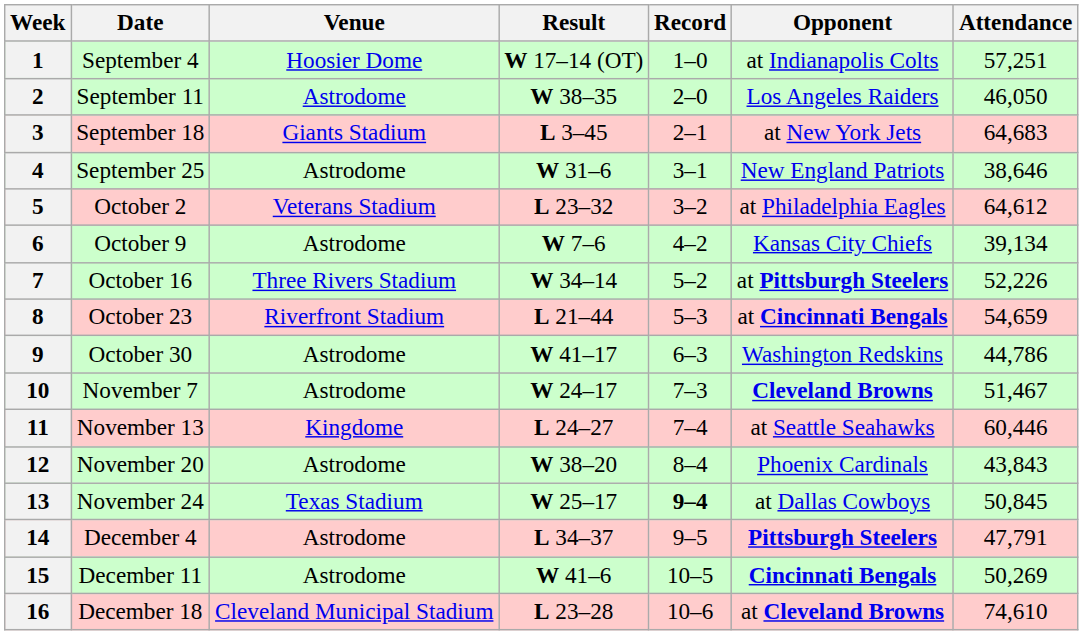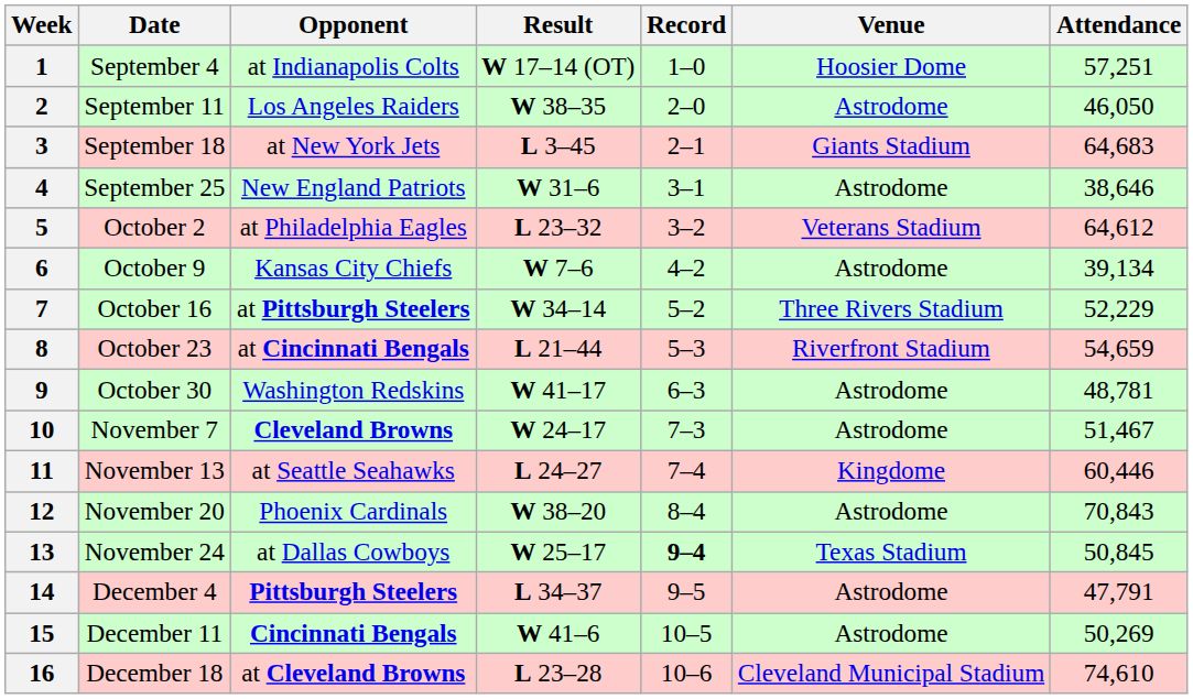 <table class="wikitable" style="text-align:center">
 <tr>
 <th>Week</th>
 <th>Date</th>
-<th>Venue</th>
+<th>Opponent</th>
 <th>Result</th>
 <th>Record</th>
-<th>Opponent</th>
+<th>Venue</th>
 <th>Attendance</th>
 </tr>
 <tr style="background:#cfc">
 <th>1</th>
 <td>September 4</td>
-<td><a href='#'>Hoosier Dome</a></td>
+<td>at <a href='#'>Indianapolis Colts</a></td>
 <td><strong>W</strong> 17–14 (OT)</td>
 <td>1–0</td>
-<td>at <a href='#'>Indianapolis Colts</a></td>
+<td><a href='#'>Hoosier Dome</a></td>
 <td>57,251</td>
 </tr>
 <tr style="background:#cfc">
 <th>2</th>
 <td>September 11</td>
-<td><a href='#'>Astrodome</a></td>
+<td><a href='#'>Los Angeles Raiders</a></td>
 <td><strong>W</strong> 38–35</td>
 <td>2–0</td>
-<td><a href='#'>Los Angeles Raiders</a></td>
+<td><a href='#'>Astrodome</a></td>
 <td>46,050</td>
 </tr>
 <tr style="background:#fcc">
 <th>3</th>
 <td>September 18</td>
-<td><a href='#'>Giants Stadium</a></td>
+<td>at <a href='#'>New York Jets</a></td>
 <td><strong>L</strong> 3–45</td>
 <td>2–1</td>
-<td>at <a href='#'>New York Jets</a></td>
+<td><a href='#'>Giants Stadium</a></td>
 <td>64,683</td>
 </tr>
 <tr style="background:#cfc">
 <th>4</th>
 <td>September 25</td>
-<td>Astrodome</td>
+<td><a href='#'>New England Patriots</a></td>
 <td><strong>W</strong> 31–6</td>
 <td>3–1</td>
-<td><a href='#'>New England Patriots</a></td>
+<td>Astrodome</td>
 <td>38,646</td>
 </tr>
 <tr style="background:#fcc">
 <th>5</th>
 <td>October 2</td>
-<td><a href='#'>Veterans Stadium</a></td>
+<td>at <a href='#'>Philadelphia Eagles</a></td>
 <td><strong>L</strong> 23–32</td>
 <td>3–2</td>
-<td>at <a href='#'>Philadelphia Eagles</a></td>
+<td><a href='#'>Veterans Stadium</a></td>
 <td>64,612</td>
 </tr>
 <tr style="background:#cfc">
 <th>6</th>
 <td>October 9</td>
-<td>Astrodome</td>
+<td><a href='#'>Kansas City Chiefs</a></td>
 <td><strong>W</strong> 7–6</td>
 <td>4–2</td>
-<td><a href='#'>Kansas City Chiefs</a></td>
+<td>Astrodome</td>
 <td>39,134</td>
 </tr>
 <tr style="background:#cfc">
 <th>7</th>
 <td>October 16</td>
-<td><a href='#'>Three Rivers Stadium</a></td>
+<td>at <strong><a href='#'>Pittsburgh Steelers</a></strong></td>
 <td><strong>W</strong> 34–14</td>
 <td>5–2</td>
-<td>at <strong><a href='#'>Pittsburgh Steelers</a></strong></td>
-<td>52,226</td>
+<td><a href='#'>Three Rivers Stadium</a></td>
+<td>52,229</td>
 </tr>
 <tr style="background:#fcc">
 <th>8</th>
 <td>October 23</td>
-<td><a href='#'>Riverfront Stadium</a></td>
+<td>at <strong><a href='#'>Cincinnati Bengals</a></strong></td>
 <td><strong>L</strong> 21–44</td>
 <td>5–3</td>
-<td>at <strong><a href='#'>Cincinnati Bengals</a></strong></td>
+<td><a href='#'>Riverfront Stadium</a></td>
 <td>54,659</td>
 </tr>
 <tr style="background:#cfc">
 <th>9</th>
 <td>October 30</td>
-<td>Astrodome</td>
+<td><a href='#'>Washington Redskins</a></td>
 <td><strong>W</strong> 41–17</td>
 <td>6–3</td>
-<td><a href='#'>Washington Redskins</a></td>
-<td>44,786</td>
+<td>Astrodome</td>
+<td>48,781</td>
 </tr>
 <tr style="background:#cfc">
 <th>10</th>
 <td>November 7</td>
-<td>Astrodome</td>
+<td><strong><a href='#'>Cleveland Browns</a></strong></td>
 <td><strong>W</strong> 24–17</td>
 <td>7–3</td>
-<td><strong><a href='#'>Cleveland Browns</a></strong></td>
+<td>Astrodome</td>
 <td>51,467</td>
 </tr>
 <tr style="background:#fcc">
 <th>11</th>
 <td>November 13</td>
-<td><a href='#'>Kingdome</a></td>
+<td>at <a href='#'>Seattle Seahawks</a></td>
 <td><strong>L</strong> 24–27</td>
 <td>7–4</td>
-<td>at <a href='#'>Seattle Seahawks</a></td>
+<td><a href='#'>Kingdome</a></td>
 <td>60,446</td>
 </tr>
 <tr style="background:#cfc">
 <th>12</th>
 <td>November 20</td>
-<td>Astrodome</td>
+<td><a href='#'>Phoenix Cardinals</a></td>
 <td><strong>W</strong> 38–20</td>
 <td>8–4</td>
-<td><a href='#'>Phoenix Cardinals</a></td>
-<td>43,843</td>
+<td>Astrodome</td>
+<td>70,843</td>
 </tr>
 <tr style="background:#cfc">
 <th>13</th>
 <td>November 24</td>
-<td><a href='#'>Texas Stadium</a></td>
+<td>at <a href='#'>Dallas Cowboys</a></td>
 <td><strong>W</strong> 25–17</td>
 <td><strong>9–4</strong></td>
-<td>at <a href='#'>Dallas Cowboys</a></td>
+<td><a href='#'>Texas Stadium</a></td>
 <td>50,845</td>
 </tr>
 <tr style="background:#fcc">
 <th>14</th>
 <td>December 4</td>
-<td>Astrodome</td>
+<td><strong><a href='#'>Pittsburgh Steelers</a></strong></td>
 <td><strong>L</strong> 34–37</td>
 <td>9–5</td>
-<td><strong><a href='#'>Pittsburgh Steelers</a></strong></td>
+<td>Astrodome</td>
 <td>47,791</td>
 </tr>
 <tr style="background:#cfc">
 <th>15</th>
 <td>December 11</td>
-<td>Astrodome</td>
+<td><strong><a href='#'>Cincinnati Bengals</a></strong></td>
 <td><strong>W</strong> 41–6</td>
 <td>10–5</td>
-<td><strong><a href='#'>Cincinnati Bengals</a></strong></td>
+<td>Astrodome</td>
 <td>50,269</td>
 </tr>
 <tr style="background:#fcc">
 <th>16</th>
 <td>December 18</td>
-<td><a href='#'>Cleveland Municipal Stadium</a></td>
+<td>at <strong><a href='#'>Cleveland Browns</a></strong></td>
 <td><strong>L</strong> 23–28</td>
 <td>10–6</td>
-<td>at <strong><a href='#'>Cleveland Browns</a></strong></td>
+<td><a href='#'>Cleveland Municipal Stadium</a></td>
 <td>74,610</td>
 </tr>
 </table>
